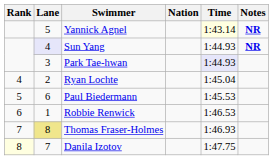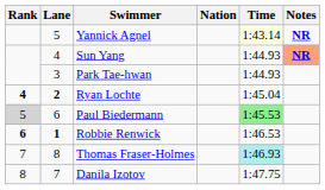 <table class="wikitable sortable" style="text-align:center">
 <tr>
 <th>Rank</th>
 <th>Lane</th>
 <th>Swimmer</th>
 <th>Nation</th>
 <th>Time</th>
 <th>Notes</th>
 </tr>
 <tr>
 <td></td>
 <td>5</td>
 <td align=left><a href='#'>Yannick Agnel</a></td>
 <td align=left></td>
 <td style="background: lightyellow;">1:43.14</td>
 <td><strong><a href='#'>NR</a></strong></td>
 </tr>
 <tr>
 <td rowspan=2></td>
-<td style="background: lavender;">4</td>
+<td>4</td>
 <td align=left><a href='#'>Sun Yang</a></td>
 <td align=left></td>
 <td>1:44.93</td>
-<td><strong><a href='#'>NR</a></strong></td>
+<td style="background: lightsalmon;"><strong><a href='#'>NR</a></strong></td>
 </tr>
 <tr>
 <td>3</td>
 <td align=left><a href='#'>Park Tae-hwan</a></td>
 <td align=left></td>
-<td style="background: lavender;">1:44.93</td>
+<td>1:44.93</td>
 <td></td>
 </tr>
 <tr>
-<td>4</td>
-<td>2</td>
+<td><strong>4</strong></td>
+<td><strong>2</strong></td>
 <td align=left><a href='#'>Ryan Lochte</a></td>
 <td align=left></td>
 <td>1:45.04</td>
 <td></td>
 </tr>
 <tr>
-<td>5</td>
+<td style="background: lightgrey;">5</td>
 <td>6</td>
 <td align=left><a href='#'>Paul Biedermann</a></td>
 <td align=left></td>
-<td>1:45.53</td>
+<td style="background: lightgreen;">1:45.53</td>
 <td></td>
 </tr>
 <tr>
-<td>6</td>
-<td>1</td>
+<td><strong>6</strong></td>
+<td><strong>1</strong></td>
 <td align=left><a href='#'>Robbie Renwick</a></td>
 <td align=left></td>
 <td>1:46.53</td>
 <td></td>
 </tr>
 <tr>
 <td>7</td>
-<td style="background: khaki;">8</td>
+<td>8</td>
 <td align=left><a href='#'>Thomas Fraser-Holmes</a></td>
 <td align=left></td>
-<td>1:46.93</td>
+<td style="background: paleturquoise;">1:46.93</td>
 <td></td>
 </tr>
 <tr>
-<td style="background: lightyellow;">8</td>
+<td>8</td>
 <td>7</td>
 <td align=left><a href='#'>Danila Izotov</a></td>
 <td align=left></td>
 <td>1:47.75</td>
 <td></td>
 </tr>
 </table>
